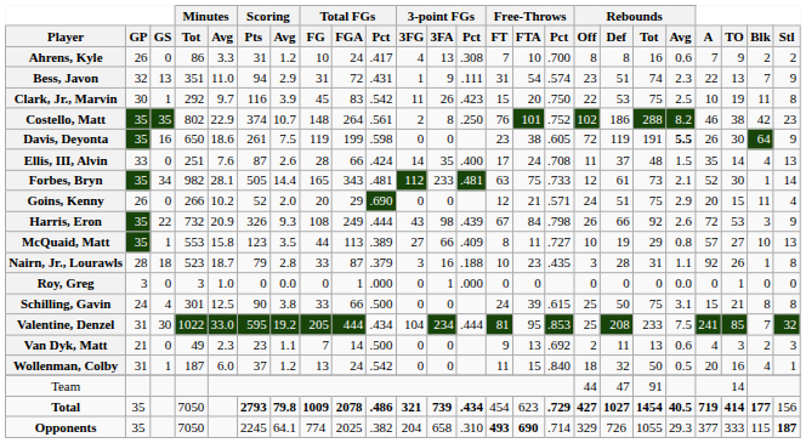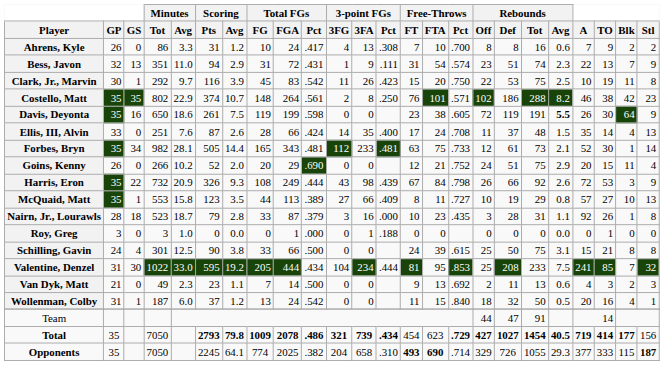 <table class="wikitable sortable" border="1" style="font-size:70%;">
 <tr>
 <th colspan="3" style="border-top-style:hidden; border-left-style:hidden; background: white;"></th>
 <th colspan="2" style="background:#">Minutes</th>
 <th colspan="2" style="background:#">Scoring</th>
 <th colspan="3" style="background:#">Total FGs</th>
 <th colspan="3" style="background:#">3-point FGs</th>
 <th colspan="3" style="background:#">Free-Throws</th>
 <th colspan="4" style="background:#">Rebounds</th>
 <th colspan="4" style="border-top-style:hidden; border-right-style:hidden; background: white;"></th>
 </tr>
 <tr>
 <th scope="col" style="background:#">Player</th>
 <th scope="col" style="background:#">GP</th>
 <th scope="col" style="background:#">GS</th>
 <th scope="col" style="background:#">Tot</th>
 <th scope="col" style="background:#">Avg</th>
 <th scope="col" style="background:#">Pts</th>
 <th scope="col" style="background:#">Avg</th>
 <th scope="col" style="background:#">FG</th>
 <th scope="col" style="background:#">FGA</th>
 <th scope="col" style="background:#">Pct</th>
 <th scope="col" style="background:#">3FG</th>
 <th scope="col" style="background:#">3FA</th>
 <th scope="col" style="background:#">Pct</th>
 <th scope="col" style="background:#">FT</th>
 <th scope="col" style="background:#">FTA</th>
 <th scope="col" style="background:#">Pct</th>
 <th scope="col" style="background:#">Off</th>
 <th scope="col" style="background:#">Def</th>
 <th scope="col" style="background:#">Tot</th>
 <th scope="col" style="background:#">Avg</th>
 <th scope="col" style="background:#">A</th>
 <th scope="col" style="background:#">TO</th>
 <th scope="col" style="background:#">Blk</th>
 <th scope="col" style="background:#">Stl</th>
 </tr>
 <tr>
 <th style=white-space:nowrap>Ahrens, Kyle</th>
 <td align="right">26</td>
 <td align="right">0</td>
 <td align="right">86</td>
 <td align="right">3.3</td>
 <td align="right">31</td>
 <td align="right">1.2</td>
 <td align="right">10</td>
 <td align="right">24</td>
 <td align="right">.417</td>
 <td align="right">4</td>
 <td align="right">13</td>
 <td align="right">.308</td>
 <td align="right">7</td>
 <td align="right">10</td>
 <td align="right">.700</td>
 <td align="right">8</td>
 <td align="right">8</td>
 <td align="right">16</td>
 <td align="right">0.6</td>
 <td align="right">7</td>
 <td align="right">9</td>
 <td align="right">2</td>
 <td align="right">2</td>
 </tr>
 <tr>
 <th style=white-space:nowrap>Bess, Javon</th>
 <td align="right">32</td>
 <td align="right">13</td>
 <td align="right">351</td>
 <td align="right">11.0</td>
 <td align="right">94</td>
 <td align="right">2.9</td>
 <td align="right">31</td>
 <td align="right">72</td>
 <td align="right">.431</td>
 <td align="right">1</td>
 <td align="right">9</td>
 <td align="right">.111</td>
 <td align="right">31</td>
 <td align="right">54</td>
 <td align="right">.574</td>
 <td align="right">23</td>
 <td align="right">51</td>
 <td align="right">74</td>
 <td align="right">2.3</td>
 <td align="right">22</td>
 <td align="right">13</td>
 <td align="right">7</td>
 <td align="right">9</td>
 </tr>
 <tr>
 <th style=white-space:nowrap>Clark, Jr., Marvin</th>
 <td align="right">30</td>
 <td align="right">1</td>
 <td align="right">292</td>
 <td align="right">9.7</td>
 <td align="right">116</td>
 <td align="right">3.9</td>
 <td align="right">45</td>
 <td align="right">83</td>
 <td align="right">.542</td>
 <td align="right">11</td>
 <td align="right">26</td>
 <td align="right">.423</td>
 <td align="right">15</td>
 <td align="right">20</td>
 <td align="right">.750</td>
 <td align="right">22</td>
 <td align="right">53</td>
 <td align="right">75</td>
 <td align="right">2.5</td>
 <td align="right">10</td>
 <td align="right">19</td>
 <td align="right">11</td>
 <td align="right">8</td>
 </tr>
 <tr>
 <th style=white-space:nowrap>Costello, Matt</th>
 <td align="right" style="background:#18440a; color:#ffffff;">35</td>
 <td align="right" style="background:#18440a; color:#ffffff;">35</td>
 <td align="right">802</td>
 <td align="right">22.9</td>
 <td align="right">374</td>
 <td align="right">10.7</td>
 <td align="right">148</td>
 <td align="right">264</td>
 <td align="right">.561</td>
 <td align="right">2</td>
 <td align="right">8</td>
 <td align="right">.250</td>
 <td align="right">76</td>
 <td align="right" style="background:#18440a; color:#ffffff;">101</td>
-<td align="right">.752</td>
+<td align="right">.571</td>
 <td align="right" style="background:#18440a; color:#ffffff;">102</td>
 <td align="right">186</td>
 <td align="right" style="background:#18440a; color:#ffffff;">288</td>
 <td align="right" style="background:#18440a; color:#ffffff;">8.2</td>
 <td align="right">46</td>
 <td align="right">38</td>
 <td align="right">42</td>
 <td align="right">23</td>
 </tr>
 <tr>
 <th style=white-space:nowrap>Davis, Deyonta</th>
 <td align="right"  style="background:#18440a; color:#ffffff;">35</td>
 <td align="right">16</td>
 <td align="right">650</td>
 <td align="right">18.6</td>
 <td align="right">261</td>
 <td align="right">7.5</td>
 <td align="right">119</td>
 <td align="right">199</td>
 <td align="right">.598</td>
 <td align="right">0</td>
 <td align="right">0</td>
 <td align="right"></td>
 <td align="right">23</td>
 <td align="right">38</td>
 <td align="right">.605</td>
 <td align="right">72</td>
 <td align="right">119</td>
 <td align="right">191</td>
 <td align="right"><strong>5.5</strong></td>
 <td align="right">26</td>
 <td align="right">30</td>
 <td align="right" style="background:#18440a; color:#ffffff;">64</td>
 <td align="right">9</td>
 </tr>
 <tr>
 <th style=white-space:nowrap>Ellis, III, Alvin</th>
 <td align="right">33</td>
 <td align="right">0</td>
 <td align="right">251</td>
 <td align="right">7.6</td>
 <td align="right">87</td>
 <td align="right">2.6</td>
 <td align="right">28</td>
 <td align="right">66</td>
 <td align="right">.424</td>
 <td align="right">14</td>
 <td align="right">35</td>
 <td align="right">.400</td>
 <td align="right">17</td>
 <td align="right">24</td>
 <td align="right">.708</td>
 <td align="right">11</td>
 <td align="right">37</td>
 <td align="right">48</td>
 <td align="right">1.5</td>
 <td align="right">35</td>
 <td align="right">14</td>
 <td align="right">4</td>
 <td align="right">13</td>
 </tr>
 <tr>
 <th style=white-space:nowrap>Forbes, Bryn</th>
 <td align="right" style="background:#18440a; color:#ffffff;">35</td>
 <td align="right">34</td>
 <td align="right">982</td>
 <td align="right">28.1</td>
 <td align="right">505</td>
 <td align="right">14.4</td>
 <td align="right">165</td>
 <td align="right">343</td>
 <td align="right">.481</td>
 <td align="right" style="background:#18440a; color:#ffffff;">112</td>
 <td align="right">233</td>
 <td align="right" style="background:#18440a; color:#ffffff;">.481</td>
 <td align="right">63</td>
 <td align="right">75</td>
 <td align="right">.733</td>
 <td align="right">12</td>
 <td align="right">61</td>
 <td align="right">73</td>
 <td align="right">2.1</td>
 <td align="right">52</td>
 <td align="right">30</td>
 <td align="right">1</td>
 <td align="right">14</td>
 </tr>
 <tr>
 <th style=white-space:nowrap>Goins, Kenny</th>
 <td align="right">26</td>
 <td align="right">0</td>
 <td align="right">266</td>
 <td align="right">10.2</td>
 <td align="right">52</td>
 <td align="right">2.0</td>
 <td align="right">20</td>
 <td align="right">29</td>
 <td align="right" style="background:#18440a; color:#ffffff;">.690</td>
 <td align="right">0</td>
 <td align="right">0</td>
 <td align="right"></td>
 <td align="right">12</td>
 <td align="right">21</td>
-<td align="right">.571</td>
+<td align="right">.752</td>
 <td align="right">24</td>
 <td align="right">51</td>
 <td align="right">75</td>
 <td align="right">2.9</td>
 <td align="right">20</td>
 <td align="right">15</td>
 <td align="right">11</td>
 <td align="right">4</td>
 </tr>
 <tr>
 <th style=white-space:nowrap>Harris, Eron</th>
 <td align="right" style="background:#18440a; color:#ffffff;">35</td>
 <td align="right">22</td>
 <td align="right">732</td>
 <td align="right">20.9</td>
 <td align="right">326</td>
 <td align="right">9.3</td>
 <td align="right">108</td>
 <td align="right">249</td>
 <td align="right">.444</td>
 <td align="right">43</td>
 <td align="right">98</td>
 <td align="right">.439</td>
 <td align="right">67</td>
 <td align="right">84</td>
 <td align="right">.798</td>
 <td align="right">26</td>
 <td align="right">66</td>
 <td align="right">92</td>
 <td align="right">2.6</td>
 <td align="right">72</td>
 <td align="right">53</td>
 <td align="right">3</td>
 <td align="right">9</td>
 </tr>
 <tr>
 <th style=white-space:nowrap>McQuaid, Matt</th>
 <td align="right" style="background:#18440a; color:#ffffff;">35</td>
 <td align="right">1</td>
 <td align="right">553</td>
 <td align="right">15.8</td>
 <td align="right">123</td>
 <td align="right">3.5</td>
 <td align="right">44</td>
 <td align="right">113</td>
 <td align="right">.389</td>
 <td align="right">27</td>
 <td align="right">66</td>
 <td align="right">.409</td>
 <td align="right">8</td>
 <td align="right">11</td>
 <td align="right">.727</td>
 <td align="right">10</td>
 <td align="right">19</td>
 <td align="right">29</td>
 <td align="right">0.8</td>
 <td align="right">57</td>
 <td align="right">27</td>
 <td align="right">10</td>
 <td align="right">13</td>
 </tr>
 <tr>
 <th style=white-space:nowrap>Nairn, Jr., Lourawls</th>
 <td align="right">28</td>
 <td align="right">18</td>
 <td align="right">523</td>
 <td align="right">18.7</td>
 <td align="right">79</td>
 <td align="right">2.8</td>
 <td align="right">33</td>
 <td align="right">87</td>
 <td align="right">.379</td>
 <td align="right">3</td>
 <td align="right">16</td>
-<td align="right">.188</td>
+<td align="right">.000</td>
 <td align="right">10</td>
 <td align="right">23</td>
 <td align="right">.435</td>
 <td align="right">3</td>
 <td align="right">28</td>
 <td align="right">31</td>
 <td align="right">1.1</td>
 <td align="right">92</td>
 <td align="right">26</td>
 <td align="right">1</td>
 <td align="right">8</td>
 </tr>
 <tr>
 <th style=white-space:nowrap>Roy, Greg</th>
 <td align="right">3</td>
 <td align="right">0</td>
 <td align="right">3</td>
 <td align="right">1.0</td>
 <td align="right">0</td>
 <td align="right">0.0</td>
 <td align="right">0</td>
 <td align="right">1</td>
 <td align="right">.000</td>
 <td align="right">0</td>
 <td align="right">1</td>
-<td align="right">.000</td>
+<td align="right">.188</td>
 <td align="right">0</td>
 <td align="right">0</td>
 <td align="right"></td>
 <td align="right">0</td>
 <td align="right">0</td>
 <td align="right">0</td>
 <td align="right">0.0</td>
 <td align="right">0</td>
 <td align="right">1</td>
 <td align="right">0</td>
 <td align="right">0</td>
 </tr>
 <tr>
 <th style=white-space:nowrap>Schilling, Gavin</th>
 <td align="right">24</td>
 <td align="right">4</td>
 <td align="right">301</td>
 <td align="right">12.5</td>
 <td align="right">90</td>
 <td align="right">3.8</td>
 <td align="right">33</td>
 <td align="right">66</td>
 <td align="right">.500</td>
 <td align="right">0</td>
 <td align="right">0</td>
 <td align="right"></td>
 <td align="right">24</td>
 <td align="right">39</td>
 <td align="right">.615</td>
 <td align="right">25</td>
 <td align="right">50</td>
 <td align="right">75</td>
 <td align="right">3.1</td>
 <td align="right">15</td>
 <td align="right">21</td>
 <td align="right">8</td>
 <td align="right">8</td>
 </tr>
 <tr>
 <th style=white-space:nowrap>Valentine, Denzel</th>
 <td align="right">31</td>
 <td align="right">30</td>
 <td align="right" style="background:#18440a; color:#ffffff;">1022</td>
 <td align="right" style="background:#18440a; color:#ffffff;">33.0</td>
 <td align="right" style="background:#18440a; color:#ffffff;">595</td>
 <td align="right" style="background:#18440a; color:#ffffff;">19.2</td>
 <td align="right" style="background:#18440a; color:#ffffff;">205</td>
 <td align="right" style="background:#18440a; color:#ffffff;">444</td>
 <td align="right">.434</td>
 <td align="right">104</td>
 <td align="right" style="background:#18440a; color:#ffffff;">234</td>
 <td align="right">.444</td>
 <td align="right" style="background:#18440a; color:#ffffff;">81</td>
 <td align="right">95</td>
 <td align="right" style="background:#18440a; color:#ffffff;">.853</td>
 <td align="right">25</td>
 <td align="right" style="background:#18440a; color:#ffffff;">208</td>
 <td align="right">233</td>
 <td align="right">7.5</td>
 <td align="right" style="background:#18440a; color:#ffffff;">241</td>
 <td align="right" style="background:#18440a; color:#ffffff;">85</td>
 <td align="right">7</td>
 <td align="right" style="background:#18440a; color:#ffffff;">32</td>
 </tr>
 <tr>
 <th style=white-space:nowrap>Van Dyk, Matt</th>
 <td align="right">21</td>
 <td align="right">0</td>
 <td align="right">49</td>
 <td align="right">2.3</td>
 <td align="right">23</td>
 <td align="right">1.1</td>
 <td align="right">7</td>
 <td align="right">14</td>
 <td align="right">.500</td>
 <td align="right">0</td>
 <td align="right">0</td>
 <td align="right"></td>
 <td align="right">9</td>
 <td align="right">13</td>
 <td align="right">.692</td>
 <td align="right">2</td>
 <td align="right">11</td>
 <td align="right">13</td>
 <td align="right">0.6</td>
 <td align="right">4</td>
 <td align="right">3</td>
 <td align="right">2</td>
 <td align="right">3</td>
 </tr>
 <tr>
 <th style=white-space:nowrap>Wollenman, Colby</th>
 <td align="right">31</td>
 <td align="right">1</td>
 <td align="right">187</td>
 <td align="right">6.0</td>
 <td align="right">37</td>
 <td align="right">1.2</td>
 <td align="right">13</td>
 <td align="right">24</td>
 <td align="right">.542</td>
 <td align="right">0</td>
 <td align="right">0</td>
 <td align="right"></td>
 <td align="right">11</td>
 <td align="right">15</td>
 <td align="right">.840</td>
 <td align="right">18</td>
 <td align="right">32</td>
 <td align="right">50</td>
 <td align="right">0.5</td>
 <td align="right">20</td>
 <td align="right">16</td>
 <td align="right">4</td>
 <td align="right">1</td>
 </tr>
 <tr>
 </tr>
 <tr class="sortbottom">
 <td align="center">Team</td>
 <td align="right"></td>
 <td align="right"></td>
 <td align="right"></td>
 <td align="right" style="border-right-style:hidden"></td>
 <td align="right" style="border-right-style:hidden"></td>
 <td align="right" style="border-right-style:hidden"></td>
 <td align="right" style="border-right-style:hidden"></td>
 <td align="right" style="border-right-style:hidden"></td>
 <td align="right" style="border-right-style:hidden"></td>
 <td align="right" style="border-right-style:hidden"></td>
 <td align="right" style="border-right-style:hidden"></td>
 <td align="right" style="border-right-style:hidden"></td>
 <td align="right" style="border-right-style:hidden"></td>
 <td align="right" style="border-right-style:hidden"></td>
 <td align="right"></td>
 <td align="right">44</td>
 <td align="right">47</td>
 <td align="right">91</td>
 <td align="right"></td>
 <td align="right"    style="border-right-style:hidden"></td>
 <td align="right">14</td>
 <td align="right" style="border-right-style:hidden"></td>
 <td align="right"></td>
 </tr>
 <tr class="sortbottom">
 <td align="center" style="background:#"><strong>Total</strong></td>
 <td align="center" style="background:#">35</td>
 <td align="center" style="background:#"></td>
 <td align="center" style="background:#">7050</td>
 <td align="center" style="background:#"></td>
 <td align="center" style="background:#"><strong>2793</strong></td>
 <td align="center" style="background:#"><strong>79.8</strong></td>
 <td align="center" style="background:#"><strong>1009</strong></td>
 <td align="center" style="background:#"><strong>2078</strong></td>
 <td align="center" style="background:#"><strong>.486</strong></td>
 <td align="center" style="background:#"><strong>321</strong></td>
 <td align="center" style="background:#"><strong>739</strong></td>
 <td align="center" style="background:#"><strong>.434</strong></td>
 <td align="center" style="background:#">454</td>
 <td align="center" style="background:#">623</td>
 <td align="center" style="background:#"><strong>.729</strong></td>
 <td align="center" style="background:#"><strong>427</strong></td>
 <td align="center" style="background:#"><strong>1027</strong></td>
 <td align="center" style="background:#"><strong>1454</strong></td>
 <td align="center" style="background:#"><strong>40.5</strong></td>
 <td align="center" style="background:#"><strong>719</strong></td>
 <td align="center" style="background:#"><strong>414</strong></td>
 <td align="center" style="background:#"><strong>177</strong></td>
 <td align="center" style="background:#">156</td>
 </tr>
 <tr class="sortbottom">
 <td align="center"><strong>Opponents</strong></td>
 <td align="center">35</td>
 <td align="center"></td>
 <td align="center">7050</td>
 <td align="center"></td>
 <td align="center">2245</td>
 <td align="center">64.1</td>
 <td align="center">774</td>
 <td align="center">2025</td>
 <td align="center">.382</td>
 <td align="center">204</td>
 <td align="center">658</td>
 <td align="center">.310</td>
 <td align="center"><strong>493</strong></td>
 <td align="center"><strong>690</strong></td>
 <td align="center">.714</td>
 <td align="center">329</td>
 <td align="center">726</td>
 <td align="center">1055</td>
 <td align="center">29.3</td>
 <td align="center">377</td>
 <td align="center">333</td>
 <td align="center">115</td>
 <td align="center"><strong>187</strong></td>
 </tr>
 </table>
